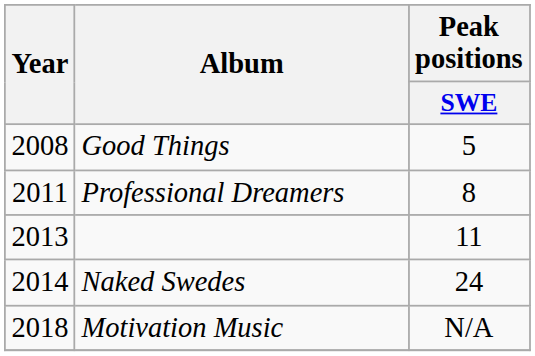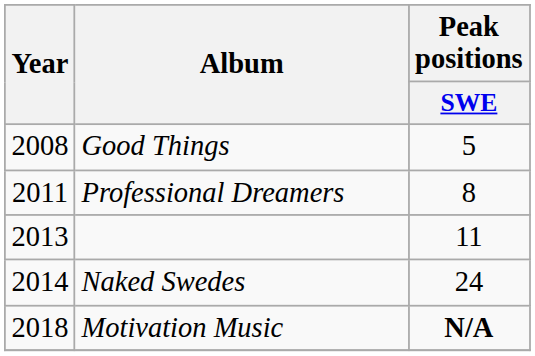 <table class="wikitable">
 <tr>
 <th align="center" rowspan="2" width="10">Year</th>
 <th align="center" rowspan="2" width="180">Album</th>
 <th align="center" colspan="1" width="20">Peak positions</th>
 </tr>
 <tr>
 <th scope="col" style="width:3em;font-size:90%;"><a href='#'>SWE</a><br></th>
 </tr>
 <tr>
 <td style="text-align:center;">2008</td>
 <td><em>Good Things</em></td>
 <td style="text-align:center;">5</td>
 </tr>
 <tr>
 <td style="text-align:center;">2011</td>
 <td><em>Professional Dreamers</em></td>
 <td style="text-align:center;">8</td>
 </tr>
 <tr>
 <td style="text-align:center;">2013</td>
 <td></td>
 <td style="text-align:center;">11</td>
 </tr>
 <tr>
 <td style="text-align:center;">2014</td>
 <td><em>Naked Swedes</em></td>
 <td style="text-align:center;">24</td>
 </tr>
 <tr>
 <td style="text-align:center;">2018</td>
 <td><em>Motivation Music</em></td>
-<td style="text-align:center;">N/A</td>
+<td style="text-align:center;"><strong>N/A</strong></td>
 </tr>
 <tr>
 </tr>
 </table>
